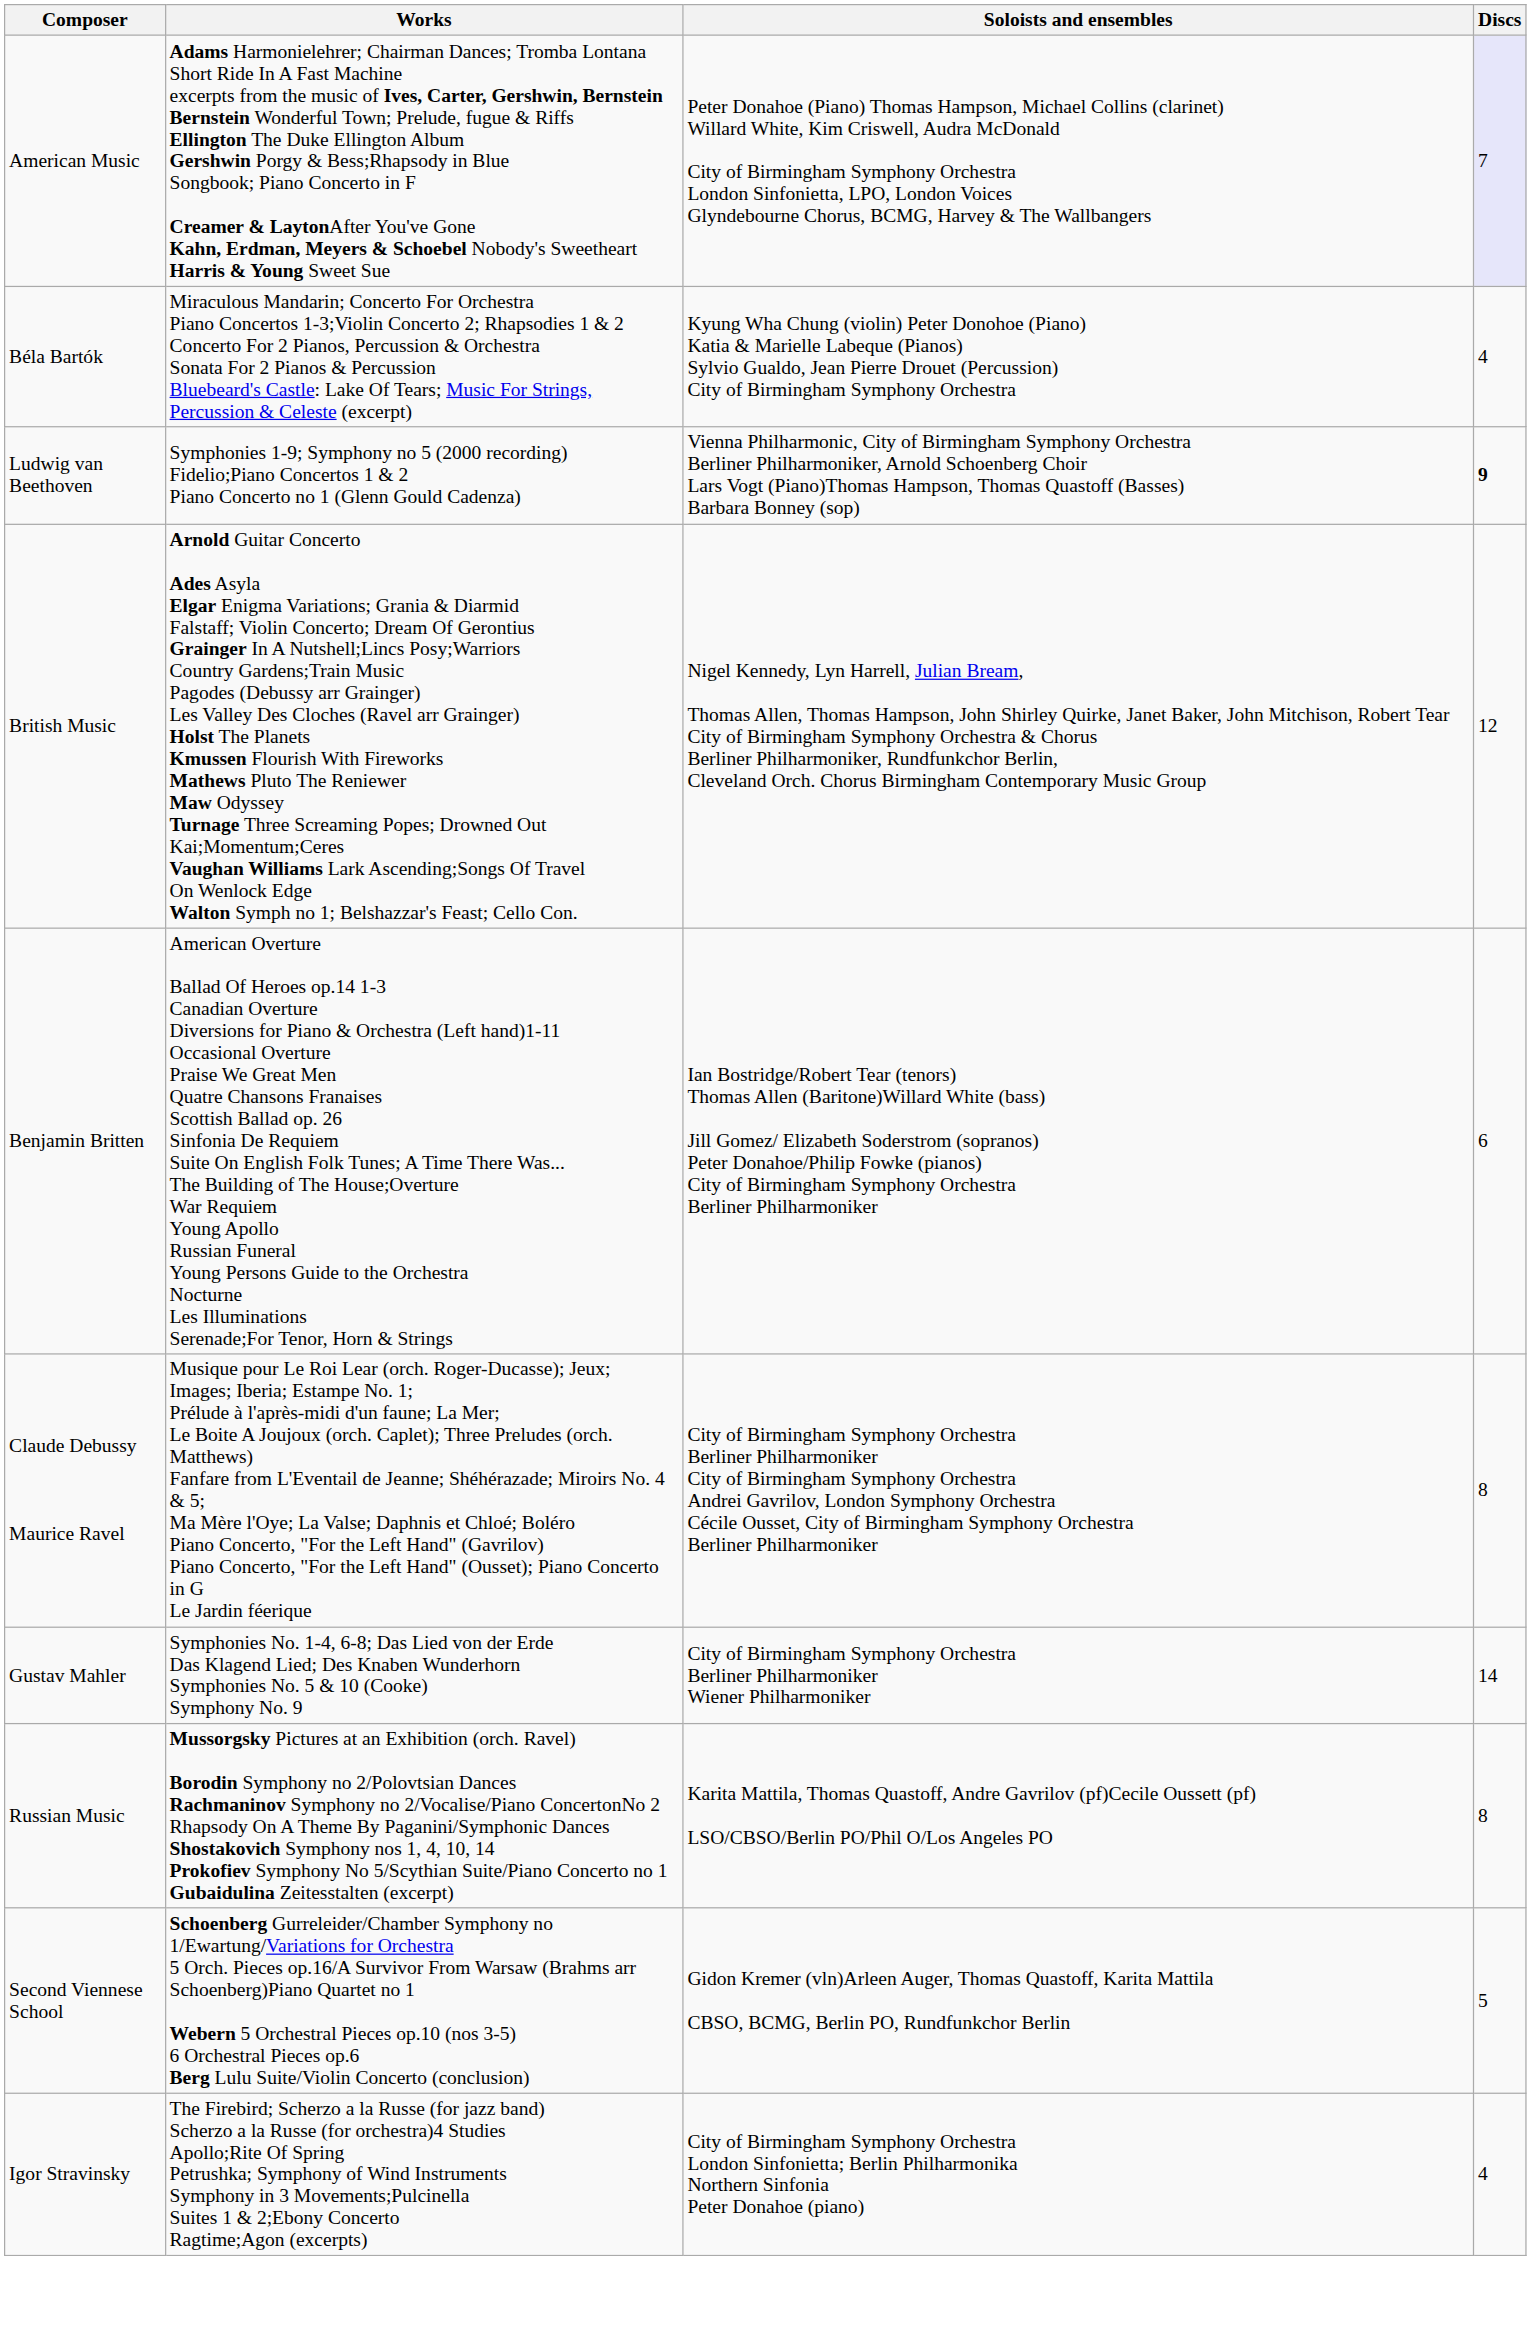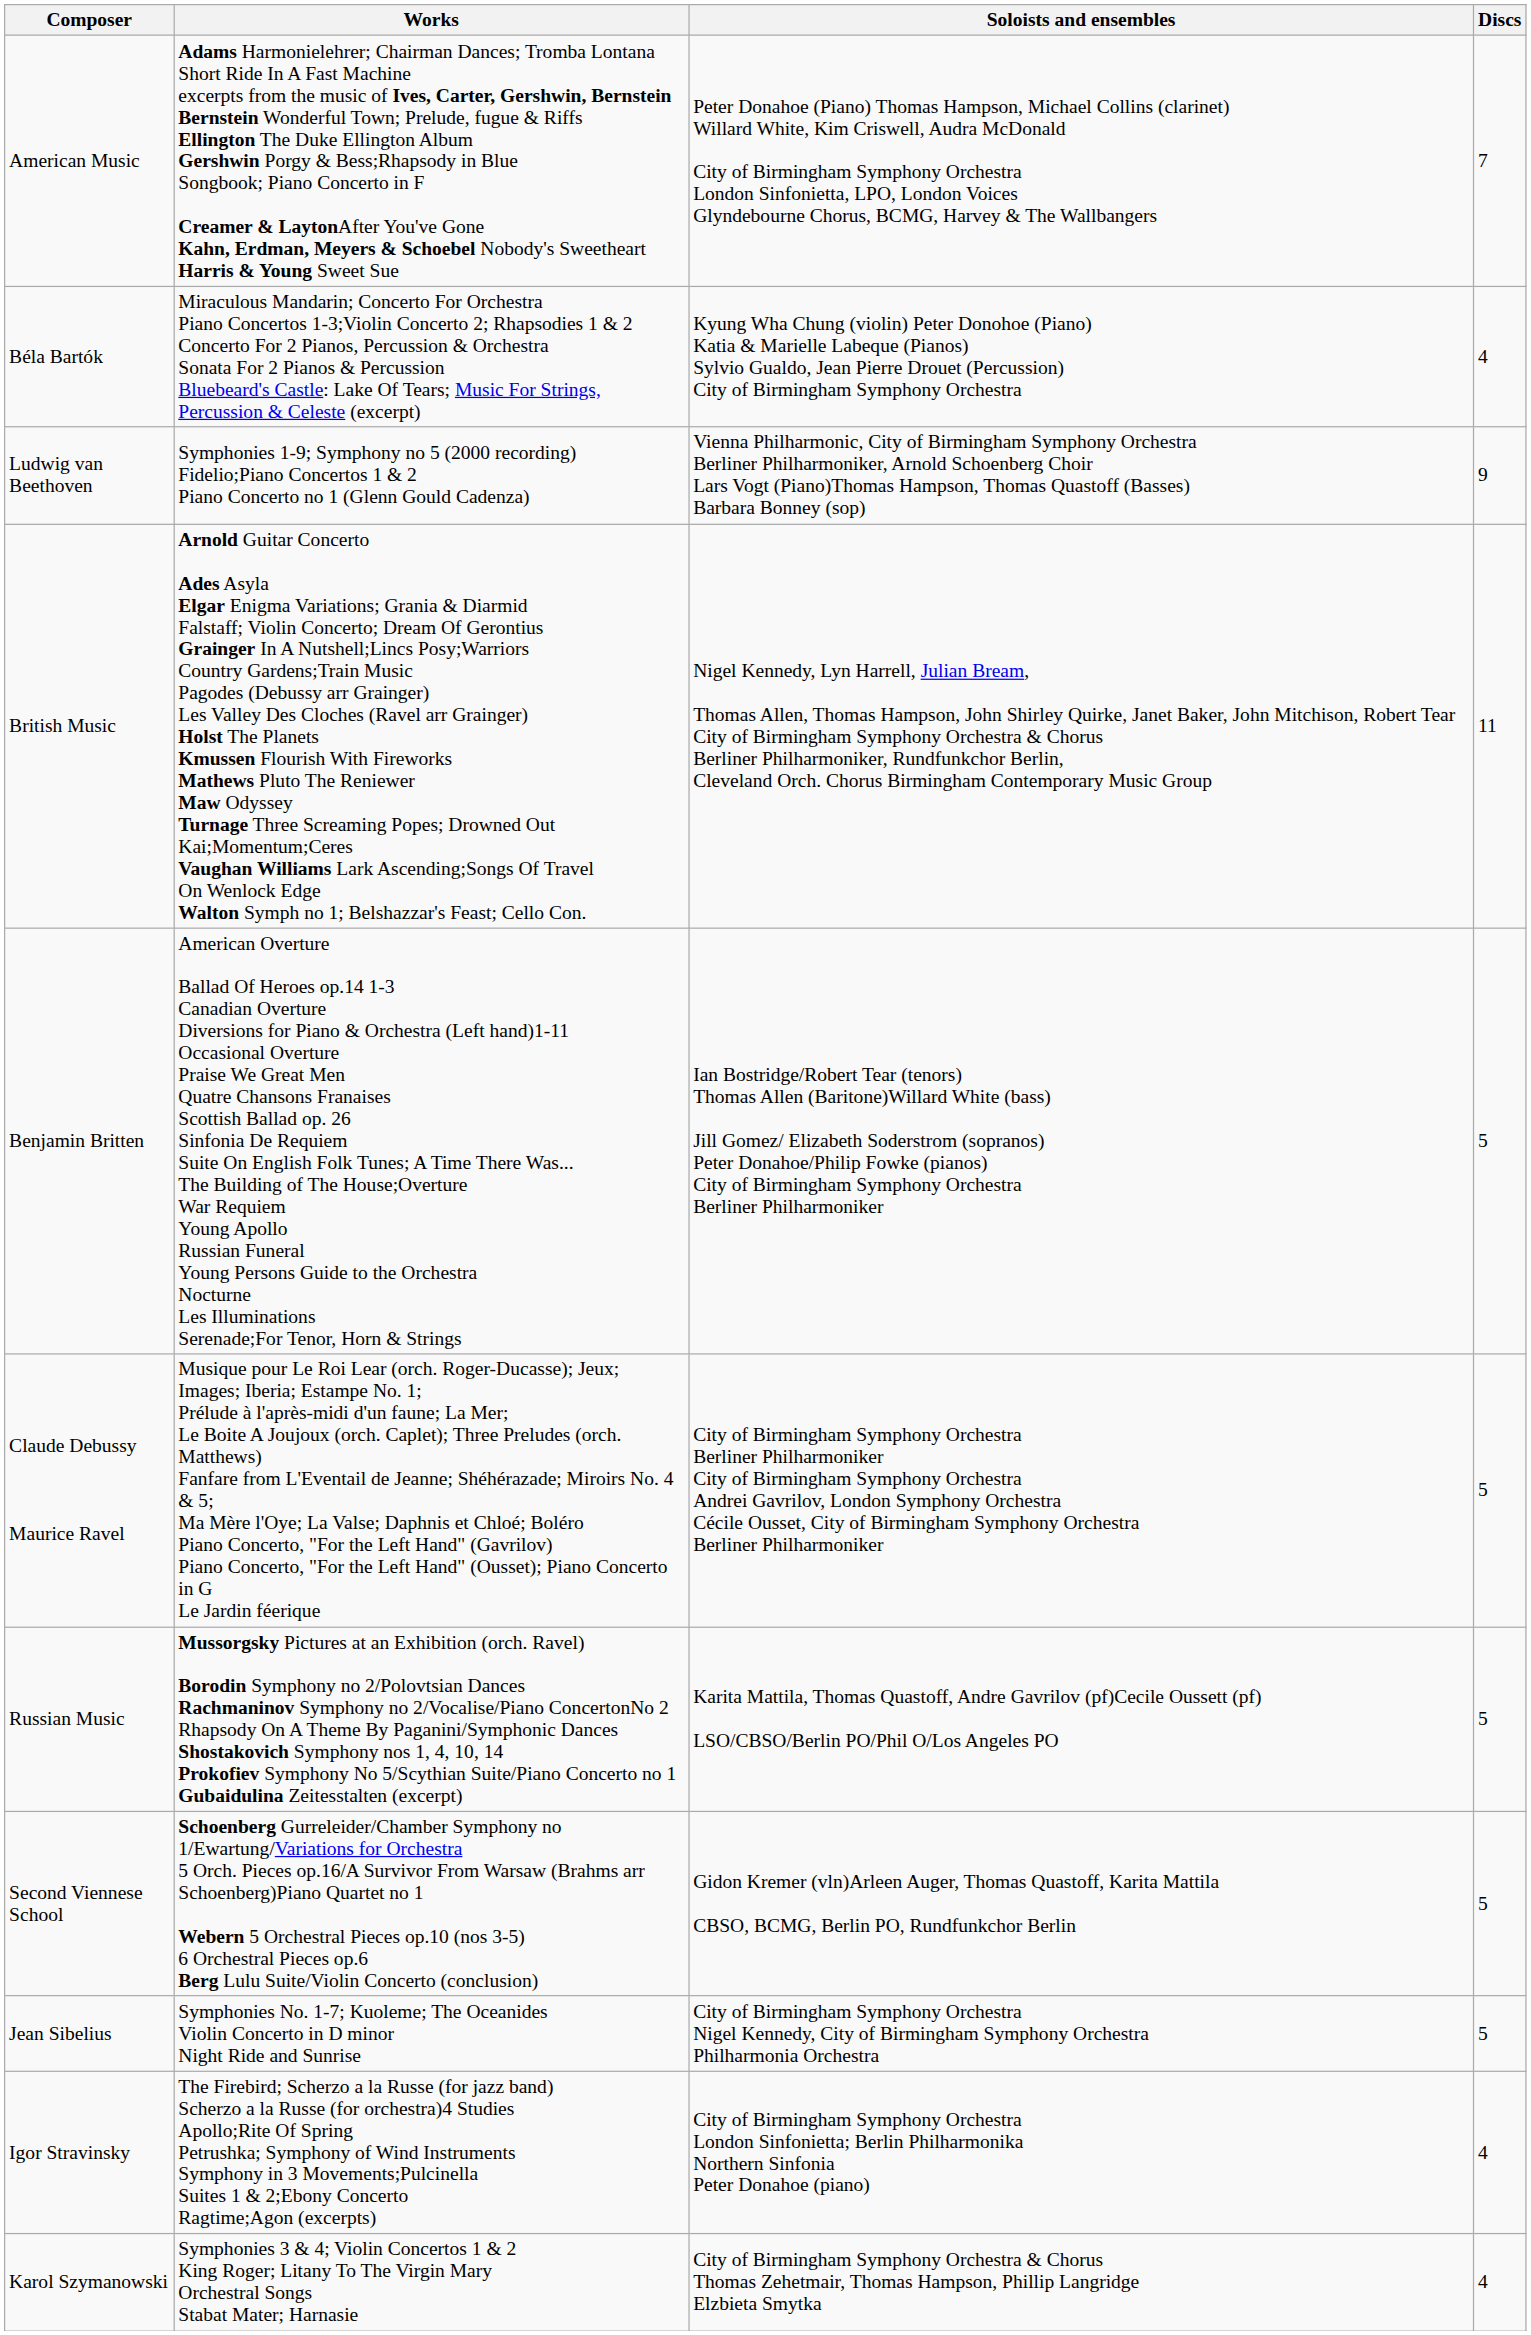 <table class="wikitable">
 <tr>
 <th>Composer</th>
 <th>Works</th>
 <th>Soloists and ensembles</th>
 <th>Discs</th>
 </tr>
 <tr>
 <td>American Music</td>
 <td><strong>Adams</strong> Harmonielehrer; Chairman Dances; Tromba Lontana<br>Short Ride In A Fast Machine<br>excerpts from the music of <strong>Ives, Carter, Gershwin, Bernstein</strong><br><strong>Bernstein</strong> Wonderful Town; Prelude, fugue & Riffs<br><strong>Ellington</strong> The Duke Ellington Album<br><strong>Gershwin</strong> Porgy & Bess;Rhapsody in Blue<br>Songbook; Piano Concerto in F<br><br><strong>Creamer & Layton</strong>After You've Gone<br> <strong>Kahn, Erdman, Meyers & Schoebel</strong> Nobody's Sweetheart<br> <strong>Harris & Young</strong> Sweet Sue<br></td>
 <td>Peter Donahoe (Piano) Thomas Hampson, Michael Collins (clarinet)<br>Willard White, Kim Criswell, Audra McDonald<br><br>City of Birmingham Symphony Orchestra<br>London Sinfonietta, LPO, London Voices<br>Glyndebourne Chorus, BCMG, Harvey & The Wallbangers</td>
-<td style="background: lavender;">7</td>
+<td>7</td>
 </tr>
 <tr>
 <td>Béla Bartók</td>
 <td>Miraculous Mandarin; Concerto For Orchestra<br>Piano Concertos 1-3;Violin Concerto 2; Rhapsodies 1 & 2<br>Concerto For 2 Pianos, Percussion & Orchestra<br>Sonata For 2 Pianos & Percussion<br><a href='#'>Bluebeard's Castle</a>: Lake Of Tears; <a href='#'>Music For Strings, Percussion & Celeste</a> (excerpt)</td>
 <td>Kyung Wha Chung (violin) Peter Donohoe (Piano)<br>Katia & Marielle Labeque (Pianos)<br>Sylvio Gualdo, Jean Pierre Drouet (Percussion)<br>City of Birmingham Symphony Orchestra</td>
 <td>4</td>
 </tr>
 <tr>
 <td>Ludwig van Beethoven</td>
 <td>Symphonies 1-9; Symphony no 5 (2000 recording)<br>Fidelio;Piano Concertos 1 & 2<br>Piano Concerto no 1 (Glenn Gould Cadenza)</td>
 <td>Vienna Philharmonic, City of Birmingham Symphony Orchestra<br>Berliner Philharmoniker, Arnold Schoenberg Choir<br>Lars Vogt (Piano)Thomas Hampson, Thomas Quastoff (Basses)<br>Barbara Bonney (sop)</td>
-<td><strong>9</strong></td>
+<td>9</td>
 </tr>
 <tr>
 <td>British Music</td>
 <td><strong>Arnold</strong> Guitar Concerto<br><br><strong>Ades</strong> Asyla<br> <strong>Elgar</strong> Enigma Variations; Grania & Diarmid<br> Falstaff; Violin Concerto; Dream Of Gerontius<br> <strong>Grainger</strong> In A Nutshell;Lincs Posy;Warriors<br> Country Gardens;Train Music<br> Pagodes (Debussy arr Grainger)<br> Les Valley Des Cloches (Ravel arr Grainger)<br> <strong>Holst</strong> The Planets<br> <strong>Kmussen</strong> Flourish With Fireworks<br> <strong>Mathews</strong> Pluto The Reniewer<br> <strong>Maw</strong> Odyssey<br> <strong>Turnage</strong> Three Screaming Popes; Drowned Out<br> Kai;Momentum;Ceres<br> <strong>Vaughan Williams</strong> Lark Ascending;Songs Of Travel<br> On Wenlock Edge<br> <strong>Walton</strong> Symph no 1; Belshazzar's Feast; Cello Con.</td>
 <td>Nigel Kennedy, Lyn Harrell, <a href='#'>Julian Bream</a>,<br><br>Thomas Allen, Thomas Hampson, John Shirley Quirke, Janet Baker, John Mitchison, Robert Tear City of Birmingham Symphony Orchestra & Chorus<br>Berliner Philharmoniker, Rundfunkchor Berlin,<br>Cleveland Orch. Chorus Birmingham Contemporary Music Group</td>
-<td>12</td>
+<td>11</td>
 </tr>
 <tr>
 <td>Benjamin Britten</td>
 <td>American Overture<br><br>Ballad Of Heroes op.14 1-3<br> Canadian Overture<br> Diversions for Piano & Orchestra (Left hand)1-11<br> Occasional Overture<br> Praise We Great Men<br> Quatre Chansons Franaises<br> Scottish Ballad op. 26<br> Sinfonia De Requiem<br> Suite On English Folk Tunes; A Time There Was...<br> The Building of The House;Overture<br> War Requiem<br> Young Apollo<br> Russian Funeral<br> Young Persons Guide to the Orchestra<br> Nocturne<br> Les Illuminations<br> Serenade;For Tenor, Horn & Strings</td>
 <td>Ian Bostridge/Robert Tear (tenors)<br>Thomas Allen (Baritone)Willard White (bass)<br><br>Jill Gomez/ Elizabeth Soderstrom (sopranos)<br> Peter Donahoe/Philip Fowke (pianos)<br> City of Birmingham Symphony Orchestra<br>Berliner Philharmoniker</td>
-<td>6</td>
+<td>5</td>
 </tr>
 <tr>
 <td>Claude Debussy<br><br><br><br>Maurice Ravel</td>
 <td>Musique pour Le Roi Lear (orch. Roger-Ducasse); Jeux;<br>Images; Iberia; Estampe No. 1;<br>Prélude à l'après-midi d'un faune; La Mer;<br>Le Boite A Joujoux (orch. Caplet); Three Preludes (orch. Matthews)<br>Fanfare from L'Eventail de Jeanne; Shéhérazade; Miroirs No. 4 & 5;<br>Ma Mère l'Oye; La Valse; Daphnis et Chloé; Boléro<br>Piano Concerto, "For the Left Hand" (Gavrilov)<br>Piano Concerto, "For the Left Hand" (Ousset); Piano Concerto in G<br>Le Jardin féerique</td>
 <td>City of Birmingham Symphony Orchestra<br>Berliner Philharmoniker<br>City of Birmingham Symphony Orchestra<br>Andrei Gavrilov, London Symphony Orchestra<br>Cécile Ousset, City of Birmingham Symphony Orchestra<br>Berliner Philharmoniker</td>
-<td>8</td>
-</tr>
-<tr>
-<td>Gustav Mahler</td>
-<td>Symphonies No. 1-4, 6-8; Das Lied von der Erde<br>Das Klagend Lied; Des Knaben Wunderhorn<br>Symphonies No. 5 & 10 (Cooke)<br>Symphony No. 9</td>
-<td>City of Birmingham Symphony Orchestra<br>Berliner Philharmoniker<br>Wiener Philharmoniker</td>
-<td>14</td>
+<td>5</td>
 </tr>
 <tr>
 <td>Russian Music</td>
 <td><strong>Mussorgsky</strong> Pictures at an Exhibition (orch. Ravel)<br><br><strong>Borodin</strong> Symphony no 2/Polovtsian Dances<br> <strong>Rachmaninov</strong> Symphony no 2/Vocalise/Piano ConcertonNo 2<br> Rhapsody On A Theme By Paganini/Symphonic Dances<br> <strong>Shostakovich</strong> Symphony nos 1, 4, 10, 14<br> <strong>Prokofiev</strong> Symphony No 5/Scythian Suite/Piano Concerto no 1<br> <strong>Gubaidulina</strong> Zeitesstalten (excerpt)</td>
 <td>Karita Mattila, Thomas Quastoff, Andre Gavrilov (pf)Cecile Oussett (pf)<br><br>LSO/CBSO/Berlin PO/Phil O/Los Angeles PO</td>
-<td>8</td>
+<td>5</td>
 </tr>
 <tr>
 <td>Second Viennese School</td>
 <td><strong>Schoenberg</strong> Gurreleider/Chamber Symphony no 1/Ewartung/<a href='#'>Variations for Orchestra</a><br>5 Orch. Pieces op.16/A Survivor From Warsaw (Brahms arr Schoenberg)Piano Quartet no 1<br><br><strong>Webern</strong> 5 Orchestral Pieces op.10 (nos 3-5)<br>6 Orchestral Pieces op.6<br> <strong>Berg</strong> Lulu Suite/Violin Concerto (conclusion)</td>
 <td>Gidon Kremer (vln)Arleen Auger, Thomas Quastoff, Karita Mattila<br><br>CBSO, BCMG, Berlin PO, Rundfunkchor Berlin</td>
 <td>5</td>
 </tr>
 <tr>
+<td>Jean Sibelius</td>
+<td>Symphonies No. 1-7; Kuoleme; The Oceanides<br>Violin Concerto in D minor<br>Night Ride and Sunrise</td>
+<td>City of Birmingham Symphony Orchestra<br>Nigel Kennedy, City of Birmingham Symphony Orchestra<br>Philharmonia Orchestra</td>
+<td>5</td>
+</tr>
+<tr>
 <td>Igor Stravinsky</td>
 <td>The Firebird; Scherzo a la Russe (for jazz band)<br>Scherzo a la Russe (for orchestra)4 Studies<br>Apollo;Rite Of Spring<br>Petrushka; Symphony of Wind Instruments<br>Symphony in 3 Movements;Pulcinella<br>Suites 1 & 2;Ebony Concerto<br>Ragtime;Agon (excerpts)</td>
 <td>City of Birmingham Symphony Orchestra<br>London Sinfonietta; Berlin Philharmonika<br>Northern Sinfonia<br>Peter Donahoe (piano)</td>
 <td>4</td>
 </tr>
+<tr>
+<td>Karol Szymanowski</td>
+<td>Symphonies 3 & 4; Violin Concertos 1 & 2<br>King Roger; Litany To The Virgin Mary<br>Orchestral Songs<br>Stabat Mater; Harnasie</td>
+<td>City of Birmingham Symphony Orchestra & Chorus<br>Thomas Zehetmair, Thomas Hampson, Phillip Langridge<br>Elzbieta Smytka</td>
+<td>4</td>
+</tr>
 </table>
